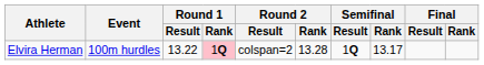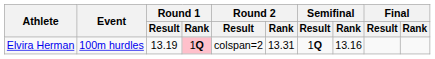 <table class="wikitable" style="font-size:90%">
 <tr>
 <th rowspan="2">Athlete</th>
 <th rowspan="2">Event</th>
 <th colspan="2">Round 1</th>
 <th colspan="2">Round 2</th>
 <th colspan="2">Semifinal</th>
 <th colspan="2">Final</th>
 </tr>
 <tr style="font-size:95%">
 <th>Result</th>
 <th>Rank</th>
 <th>Result</th>
 <th>Rank</th>
 <th>Result</th>
 <th>Rank</th>
 <th>Result</th>
 <th>Rank</th>
 </tr>
 <tr align=center>
 <td align=left><a href='#'>Elvira Herman</a></td>
 <td align=left rowspan=2><a href='#'>100m hurdles</a></td>
-<td>13.22</td>
+<td>13.19</td>
 <td style="background: pink;">1<strong>Q</strong></td>
 <td>colspan=2 </td>
-<td>13.28</td>
+<td>13.31</td>
 <td>1<strong>Q</strong></td>
-<td>13.17</td>
+<td>13.16</td>
 <td></td>
 </tr>
 </table>
